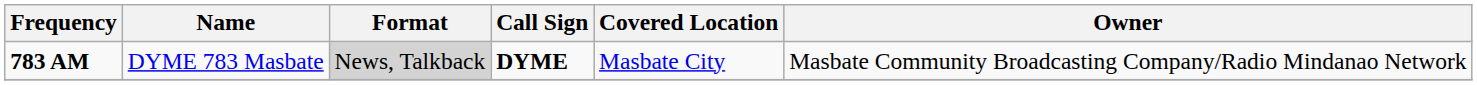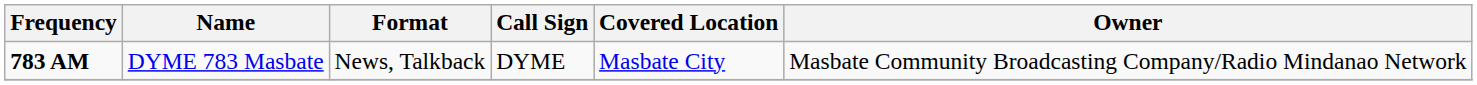 <table class="wikitable">
 <tr>
 <th>Frequency</th>
 <th>Name</th>
 <th>Format</th>
 <th>Call Sign</th>
 <th>Covered Location</th>
 <th>Owner</th>
 </tr>
 <tr>
 <td><strong>783 AM</strong></td>
 <td><a href='#'>DYME 783 Masbate</a></td>
-<td style="background: lightgrey;">News, Talkback</td>
-<td><strong>DYME</strong></td>
+<td>News, Talkback</td>
+<td>DYME</td>
 <td><a href='#'>Masbate City</a></td>
 <td>Masbate Community Broadcasting Company/Radio Mindanao Network</td>
 </tr>
 <tr>
 </tr>
 </table>
